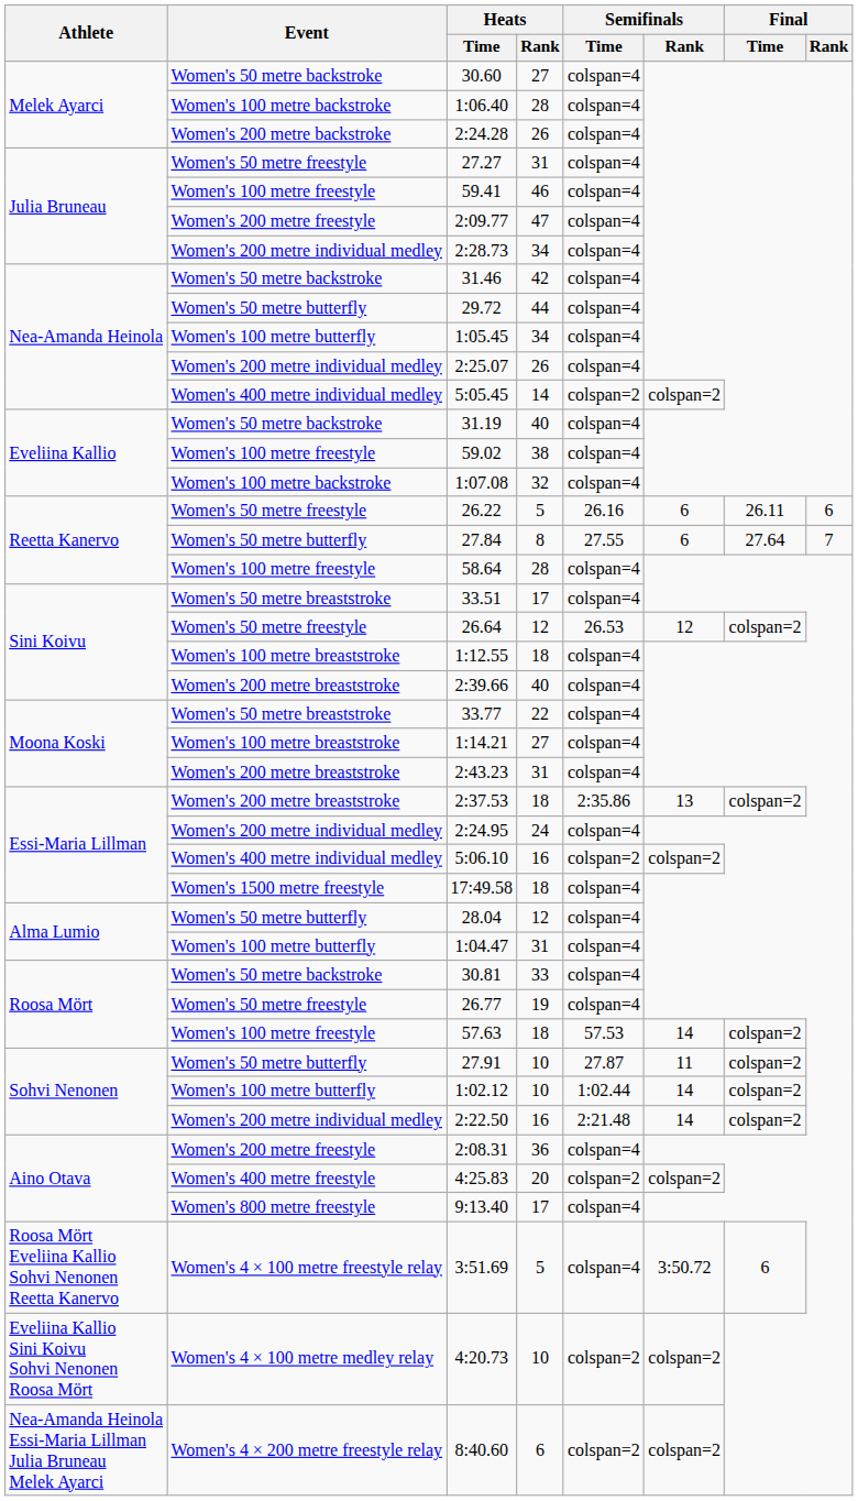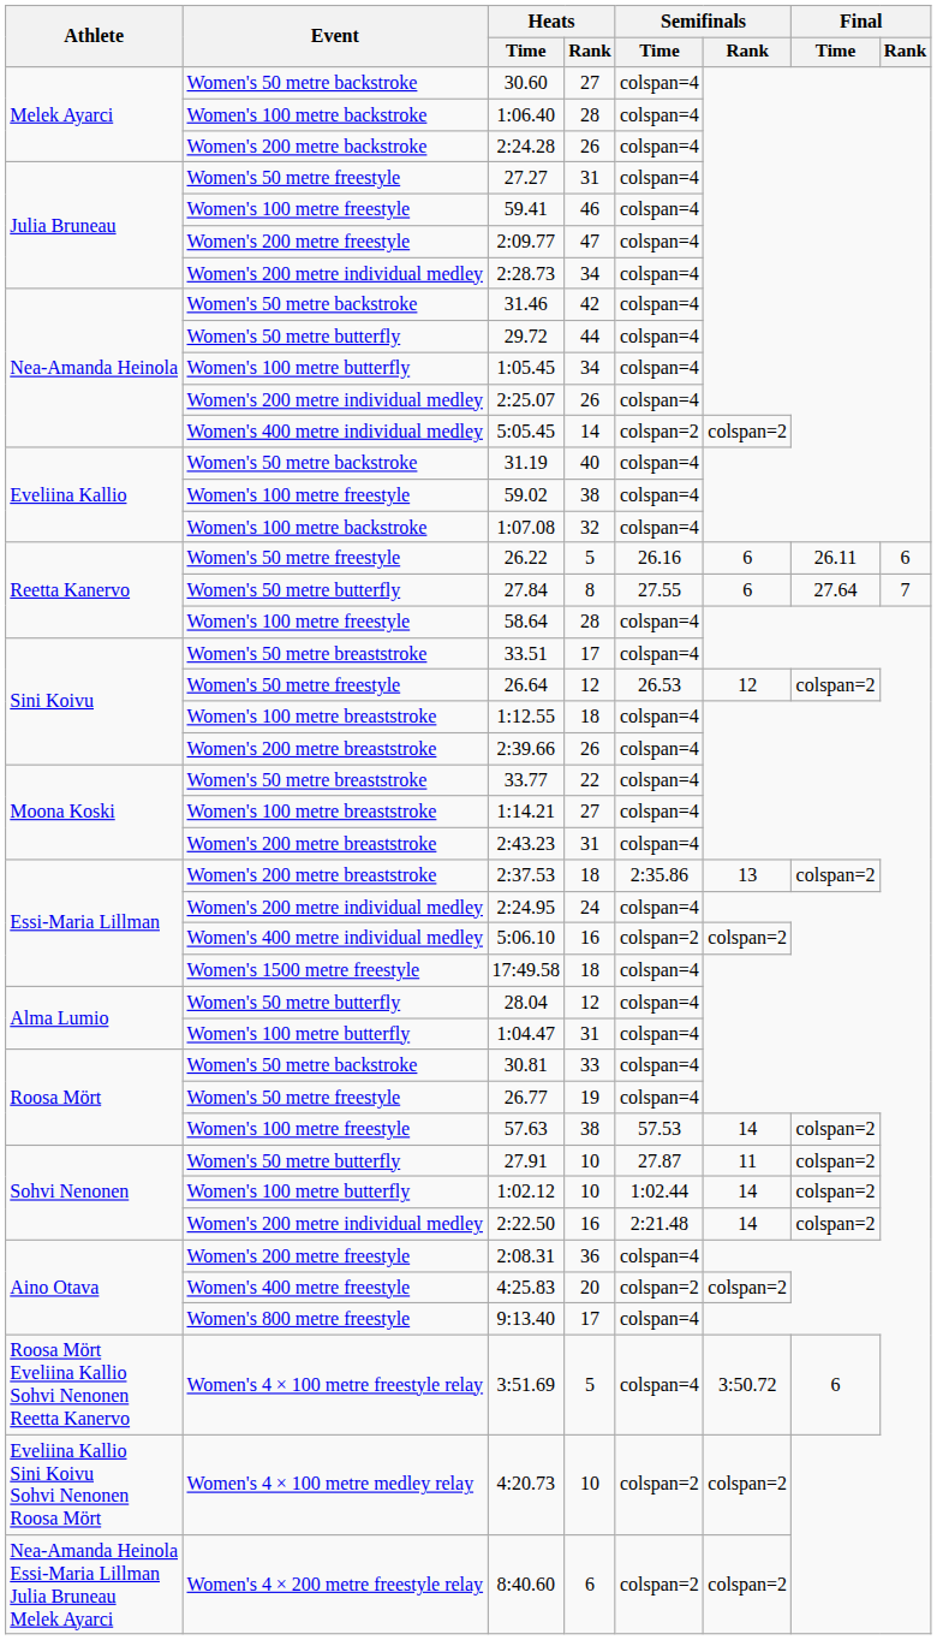 <table class=wikitable style="font-size:90%">
 <tr>
 <th rowspan=2>Athlete</th>
 <th rowspan=2>Event</th>
 <th colspan="2">Heats</th>
 <th colspan="2">Semifinals</th>
 <th colspan="2">Final</th>
 </tr>
 <tr style="font-size:95%">
 <th>Time</th>
 <th>Rank</th>
 <th>Time</th>
 <th>Rank</th>
 <th>Time</th>
 <th>Rank</th>
 </tr>
 <tr align=center>
 <td align=left rowspan=3><a href='#'>Melek Ayarci</a></td>
 <td align=left><a href='#'>Women's 50 metre backstroke</a></td>
 <td>30.60</td>
 <td>27</td>
 <td>colspan=4 </td>
 </tr>
 <tr align=center>
 <td align=left><a href='#'>Women's 100 metre backstroke</a></td>
 <td>1:06.40</td>
 <td>28</td>
 <td>colspan=4 </td>
 </tr>
 <tr align=center>
 <td align=left><a href='#'>Women's 200 metre backstroke</a></td>
 <td>2:24.28</td>
 <td>26</td>
 <td>colspan=4 </td>
 </tr>
 <tr align=center>
 <td align=left rowspan=4><a href='#'>Julia Bruneau</a></td>
 <td align=left><a href='#'>Women's 50 metre freestyle</a></td>
 <td>27.27</td>
 <td>31</td>
 <td>colspan=4 </td>
 </tr>
 <tr align=center>
 <td align=left><a href='#'>Women's 100 metre freestyle</a></td>
 <td>59.41</td>
 <td>46</td>
 <td>colspan=4 </td>
 </tr>
 <tr align=center>
 <td align=left><a href='#'>Women's 200 metre freestyle</a></td>
 <td>2:09.77</td>
 <td>47</td>
 <td>colspan=4 </td>
 </tr>
 <tr align=center>
 <td align=left><a href='#'>Women's 200 metre individual medley</a></td>
 <td>2:28.73</td>
 <td>34</td>
 <td>colspan=4 </td>
 </tr>
 <tr align=center>
 <td align=left rowspan=5><a href='#'>Nea-Amanda Heinola</a></td>
 <td align=left><a href='#'>Women's 50 metre backstroke</a></td>
 <td>31.46</td>
 <td>42</td>
 <td>colspan=4 </td>
 </tr>
 <tr align=center>
 <td align=left><a href='#'>Women's 50 metre butterfly</a></td>
 <td>29.72</td>
 <td>44</td>
 <td>colspan=4 </td>
 </tr>
 <tr align=center>
 <td align=left><a href='#'>Women's 100 metre butterfly</a></td>
 <td>1:05.45</td>
 <td>34</td>
 <td>colspan=4 </td>
 </tr>
 <tr align=center>
 <td align=left><a href='#'>Women's 200 metre individual medley</a></td>
 <td>2:25.07</td>
 <td>26</td>
 <td>colspan=4 </td>
 </tr>
 <tr align=center>
 <td align=left><a href='#'>Women's 400 metre individual medley</a></td>
 <td>5:05.45</td>
 <td>14</td>
 <td>colspan=2 </td>
 <td>colspan=2 </td>
 </tr>
 <tr align=center>
 <td align=left rowspan=3><a href='#'>Eveliina Kallio</a></td>
 <td align=left><a href='#'>Women's 50 metre backstroke</a></td>
 <td>31.19</td>
 <td>40</td>
 <td>colspan=4 </td>
 </tr>
 <tr align=center>
 <td align=left><a href='#'>Women's 100 metre freestyle</a></td>
 <td>59.02</td>
 <td>38</td>
 <td>colspan=4 </td>
 </tr>
 <tr align=center>
 <td align=left><a href='#'>Women's 100 metre backstroke</a></td>
 <td>1:07.08</td>
 <td>32</td>
 <td>colspan=4 </td>
 </tr>
 <tr align=center>
 <td align=left rowspan=3><a href='#'>Reetta Kanervo</a></td>
 <td align=left><a href='#'>Women's 50 metre freestyle</a></td>
 <td>26.22</td>
 <td>5 </td>
 <td>26.16</td>
 <td>6 </td>
 <td>26.11</td>
 <td>6</td>
 </tr>
 <tr align=center>
 <td align=left><a href='#'>Women's 50 metre butterfly</a></td>
 <td>27.84</td>
 <td>8 </td>
 <td>27.55</td>
 <td>6 </td>
 <td>27.64</td>
 <td>7</td>
 </tr>
 <tr align=center>
 <td align=left><a href='#'>Women's 100 metre freestyle</a></td>
 <td>58.64</td>
 <td>28</td>
 <td>colspan=4 </td>
 </tr>
 <tr align=center>
 <td align=left rowspan=4><a href='#'>Sini Koivu</a></td>
 <td align=left><a href='#'>Women's 50 metre breaststroke</a></td>
 <td>33.51</td>
 <td>17</td>
 <td>colspan=4 </td>
 </tr>
 <tr align=center>
 <td align=left><a href='#'>Women's 50 metre freestyle</a></td>
 <td>26.64</td>
 <td>12 </td>
 <td>26.53</td>
 <td>12</td>
 <td>colspan=2 </td>
 </tr>
 <tr align=center>
 <td align=left><a href='#'>Women's 100 metre breaststroke</a></td>
 <td>1:12.55</td>
 <td>18</td>
 <td>colspan=4 </td>
 </tr>
 <tr align=center>
 <td align=left><a href='#'>Women's 200 metre breaststroke</a></td>
 <td>2:39.66</td>
-<td>40</td>
+<td>26</td>
 <td>colspan=4 </td>
 </tr>
 <tr align=center>
 <td align=left rowspan=3><a href='#'>Moona Koski</a></td>
 <td align=left><a href='#'>Women's 50 metre breaststroke</a></td>
 <td>33.77</td>
 <td>22</td>
 <td>colspan=4 </td>
 </tr>
 <tr align=center>
 <td align=left><a href='#'>Women's 100 metre breaststroke</a></td>
 <td>1:14.21</td>
 <td>27</td>
 <td>colspan=4 </td>
 </tr>
 <tr align=center>
 <td align=left><a href='#'>Women's 200 metre breaststroke</a></td>
 <td>2:43.23</td>
 <td>31</td>
 <td>colspan=4 </td>
 </tr>
 <tr align=center>
 <td align=left rowspan=4><a href='#'>Essi-Maria Lillman</a></td>
 <td align=left><a href='#'>Women's 200 metre breaststroke</a></td>
 <td>2:37.53</td>
 <td>18 </td>
 <td>2:35.86</td>
 <td>13</td>
 <td>colspan=2 </td>
 </tr>
 <tr align=center>
 <td align=left><a href='#'>Women's 200 metre individual medley</a></td>
 <td>2:24.95</td>
 <td>24</td>
 <td>colspan=4 </td>
 </tr>
 <tr align=center>
 <td align=left><a href='#'>Women's 400 metre individual medley</a></td>
 <td>5:06.10</td>
 <td>16</td>
 <td>colspan=2 </td>
 <td>colspan=2 </td>
 </tr>
 <tr align=center>
 <td align=left><a href='#'>Women's 1500 metre freestyle</a></td>
 <td>17:49.58</td>
 <td>18</td>
 <td>colspan=4 </td>
 </tr>
 <tr align=center>
 <td align=left rowspan=2><a href='#'>Alma Lumio</a></td>
 <td align=left><a href='#'>Women's 50 metre butterfly</a></td>
 <td>28.04</td>
 <td>12</td>
 <td>colspan=4 </td>
 </tr>
 <tr align=center>
 <td align=left><a href='#'>Women's 100 metre butterfly</a></td>
 <td>1:04.47</td>
 <td>31</td>
 <td>colspan=4 </td>
 </tr>
 <tr align=center>
 <td align=left rowspan=3><a href='#'>Roosa Mört</a></td>
 <td align=left><a href='#'>Women's 50 metre backstroke</a></td>
 <td>30.81</td>
 <td>33</td>
 <td>colspan=4 </td>
 </tr>
 <tr align=center>
 <td align=left><a href='#'>Women's 50 metre freestyle</a></td>
 <td>26.77</td>
 <td>19</td>
 <td>colspan=4 </td>
 </tr>
 <tr align=center>
 <td align=left><a href='#'>Women's 100 metre freestyle</a></td>
 <td>57.63</td>
-<td>18 </td>
+<td>38 </td>
 <td>57.53</td>
 <td>14</td>
 <td>colspan=2 </td>
 </tr>
 <tr align=center>
 <td align=left rowspan=3><a href='#'>Sohvi Nenonen</a></td>
 <td align=left><a href='#'>Women's 50 metre butterfly</a></td>
 <td>27.91</td>
 <td>10 </td>
 <td>27.87</td>
 <td>11</td>
 <td>colspan=2 </td>
 </tr>
 <tr align=center>
 <td align=left><a href='#'>Women's 100 metre butterfly</a></td>
 <td>1:02.12</td>
 <td>10 </td>
 <td>1:02.44</td>
 <td>14</td>
 <td>colspan=2 </td>
 </tr>
 <tr align=center>
 <td align=left><a href='#'>Women's 200 metre individual medley</a></td>
 <td>2:22.50</td>
 <td>16 </td>
 <td>2:21.48</td>
 <td>14</td>
 <td>colspan=2 </td>
 </tr>
 <tr align=center>
 <td align=left rowspan=3><a href='#'>Aino Otava</a></td>
 <td align=left><a href='#'>Women's 200 metre freestyle</a></td>
 <td>2:08.31</td>
 <td>36</td>
 <td>colspan=4 </td>
 </tr>
 <tr align=center>
 <td align=left><a href='#'>Women's 400 metre freestyle</a></td>
 <td>4:25.83</td>
 <td>20</td>
 <td>colspan=2 </td>
 <td>colspan=2 </td>
 </tr>
 <tr align=center>
 <td align=left><a href='#'>Women's 800 metre freestyle</a></td>
 <td>9:13.40</td>
 <td>17</td>
 <td>colspan=4 </td>
 </tr>
 <tr align=center>
 <td align=left><a href='#'>Roosa Mört</a><br><a href='#'>Eveliina Kallio</a><br><a href='#'>Sohvi Nenonen</a><br><a href='#'>Reetta Kanervo</a></td>
 <td align=left><a href='#'>Women's 4 × 100 metre freestyle relay</a></td>
 <td>3:51.69</td>
 <td>5 </td>
 <td>colspan=4 </td>
 <td>3:50.72</td>
 <td>6</td>
 </tr>
 <tr align=center>
 <td align=left><a href='#'>Eveliina Kallio</a><br><a href='#'>Sini Koivu</a><br><a href='#'>Sohvi Nenonen</a><br><a href='#'>Roosa Mört</a></td>
 <td align=left><a href='#'>Women's 4 × 100 metre medley relay</a></td>
 <td>4:20.73</td>
 <td>10</td>
 <td>colspan=2 </td>
 <td>colspan=2 </td>
 </tr>
 <tr align=center>
 <td align=left><a href='#'>Nea-Amanda Heinola</a><br><a href='#'>Essi-Maria Lillman</a><br><a href='#'>Julia Bruneau</a><br><a href='#'>Melek Ayarci</a></td>
 <td align=left><a href='#'>Women's 4 × 200 metre freestyle relay</a></td>
 <td>8:40.60</td>
 <td>6</td>
 <td>colspan=2 </td>
 <td>colspan=2 </td>
 </tr>
 </table>
